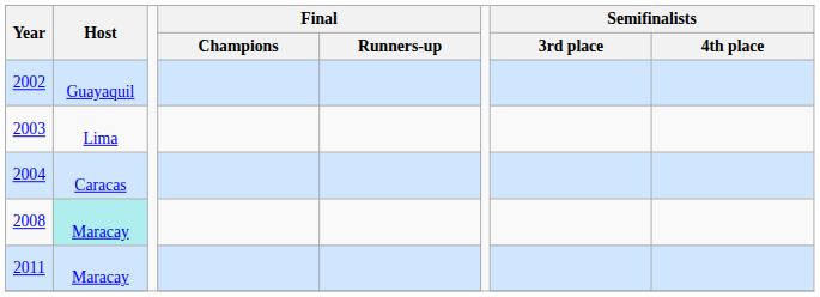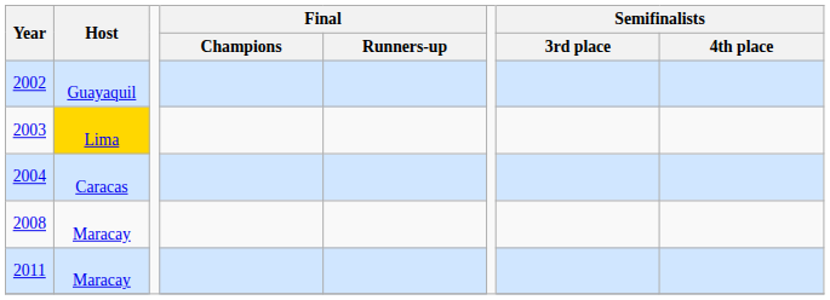 <table class="wikitable" style="font-size:90%; text-align: center;">
 <tr>
 <th rowspan=2 width=5%>Year</th>
 <th rowspan=2 width=10%>Host</th>
 <td width=1% rowspan=21 style="border-top:none;border-bottom:none;"></td>
 <th colspan=2>Final</th>
 <td width=1% rowspan=21 style="border-top:none;border-bottom:none;"></td>
 <th colspan=2>Semifinalists</th>
 </tr>
 <tr>
 <th width=17%>Champions</th>
 <th width=17%>Runners-up</th>
 <th width=17%>3rd place</th>
 <th width=17%>4th place</th>
 </tr>
 <tr style="background: #D0E6FF;">
 <td><a href='#'>2002</a></td>
 <td><br><a href='#'>Guayaquil</a></td>
 <td><strong></strong></td>
 <td></td>
 <td></td>
 <td></td>
 </tr>
 <tr>
 <td><a href='#'>2003</a></td>
-<td><br><a href='#'>Lima</a></td>
+<td style="background: gold;"><br><a href='#'>Lima</a></td>
 <td><strong></strong></td>
 <td></td>
 <td></td>
 <td></td>
 </tr>
 <tr style="background: #D0E6FF;">
 <td><a href='#'>2004</a></td>
 <td><br><a href='#'>Caracas</a></td>
 <td><strong></strong></td>
 <td></td>
 <td></td>
 <td></td>
 </tr>
 <tr>
 <td><a href='#'>2008</a></td>
-<td style="background: paleturquoise;"><br><a href='#'>Maracay</a></td>
+<td><br><a href='#'>Maracay</a></td>
 <td><strong></strong></td>
 <td></td>
 <td></td>
 <td></td>
 </tr>
 <tr style="background: #D0E6FF;">
 <td><a href='#'>2011</a></td>
 <td><br><a href='#'>Maracay</a></td>
 <td><strong></strong></td>
 <td></td>
 <td></td>
 <td></td>
 </tr>
 <tr>
 </tr>
 </table>
